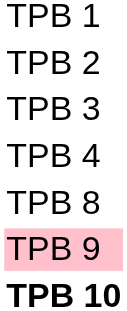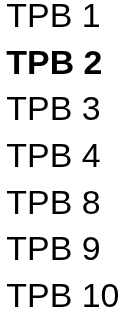 <table>
 <tr>
 <td>TPB 1</td>
 <td></td>
 <td></td>
 <td></td>
 </tr>
 <tr>
-<td>TPB 2</td>
+<td><strong>TPB 2</strong></td>
 <td></td>
 <td></td>
 <td></td>
 </tr>
 <tr>
 <td>TPB 3</td>
 <td></td>
 <td></td>
 <td></td>
 </tr>
 <tr>
 <td>TPB 4</td>
 <td></td>
 <td></td>
 <td></td>
 </tr>
 <tr>
 <td>TPB 8</td>
 <td></td>
 <td></td>
 <td></td>
 </tr>
 <tr>
-<td style="background: pink;">TPB 9</td>
+<td>TPB 9</td>
 <td></td>
 <td></td>
 <td></td>
 </tr>
 <tr>
-<td><strong>TPB 10</strong></td>
+<td>TPB 10</td>
 <td></td>
 <td></td>
 <td></td>
 </tr>
 </table>
